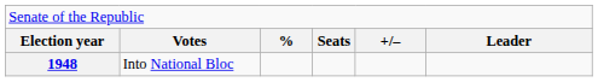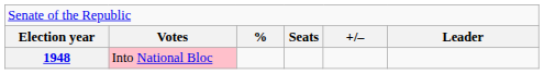 <table class=wikitable style="width:50%; border:1px #AAAAFF solid">
 <tr>
 <td colspan=6><a href='#'>Senate of the Republic</a></td>
 </tr>
 <tr>
 <th width=13%>Election year</th>
 <th width=16%>Votes</th>
 <th width=6%>%</th>
 <th width=1%>Seats</th>
 <th width=8%>+/–</th>
 <th width=19%>Leader</th>
 </tr>
 <tr>
 <th><a href='#'>1948</a></th>
-<td>Into <a href='#'>National Bloc</a></td>
+<td style="background: pink;">Into <a href='#'>National Bloc</a></td>
 <td></td>
 <td></td>
 <td></td>
 <td></td>
 </tr>
 </table>
